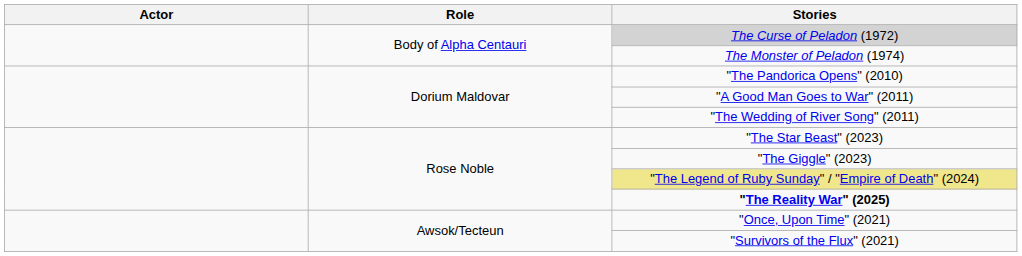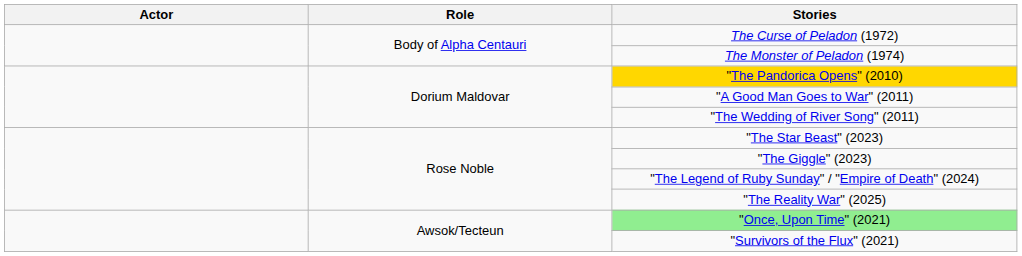 <table class="wikitable plainrowheaders sortable" style="text-align:center; width:99%;">
 <tr>
 <th style="width:30%;">Actor</th>
 <th scope="col" style="width:30%;">Role</th>
 <th scope="col" style="width:40%;">Stories</th>
 </tr>
 <tr>
 <td scope="row" rowspan="2"></td>
 <td rowspan="2">Body of <a href='#'>Alpha Centauri</a></td>
-<td data-sort-value="061" style="background: lightgrey;"><em><a href='#'>The Curse of Peladon</a></em> (1972)</td>
+<td data-sort-value="061"><em><a href='#'>The Curse of Peladon</a></em> (1972)</td>
 </tr>
 <tr>
 <td data-sort-value="073"><em><a href='#'>The Monster of Peladon</a></em> (1974)</td>
 </tr>
 <tr>
 <td scope="row" rowspan="3"></td>
 <td rowspan="3">Dorium Maldovar</td>
-<td data-sort-value="212a">"<a href='#'>The Pandorica Opens</a>" (2010)</td>
+<td data-sort-value="212a" style="background: gold;">"<a href='#'>The Pandorica Opens</a>" (2010)</td>
 </tr>
 <tr>
 <td data-sort-value="218">"<a href='#'>A Good Man Goes to War</a>" (2011)</td>
 </tr>
 <tr>
 <td data-sort-value="224">"<a href='#'>The Wedding of River Song</a>" (2011)</td>
 </tr>
 <tr>
 <td scope="row" rowspan="4"></td>
 <td rowspan="4">Rose Noble</td>
 <td data-sort-value="301">"<a href='#'>The Star Beast</a>" (2023)</td>
 </tr>
 <tr>
 <td data-sort-value="303">"<a href='#'>The Giggle</a>" (2023)</td>
 </tr>
 <tr>
-<td data-sort-value="311a" style="background: khaki;">"<a href='#'>The Legend of Ruby Sunday</a>" / "<a href='#'>Empire of Death</a>" (2024)</td>
+<td data-sort-value="311a">"<a href='#'>The Legend of Ruby Sunday</a>" / "<a href='#'>Empire of Death</a>" (2024)</td>
 </tr>
 <tr>
-<td data-sort-value="319b"><strong>"<a href='#'>The Reality War</a>" (2025)</strong></td>
+<td data-sort-value="319b">"<a href='#'>The Reality War</a>" (2025)</td>
 </tr>
 <tr>
 <td scope="row" rowspan="2"></td>
 <td rowspan="2">Awsok/Tecteun</td>
-<td data-sort-value="297c">"<a href='#'>Once, Upon Time</a>" (2021)</td>
+<td data-sort-value="297c" style="background: lightgreen;">"<a href='#'>Once, Upon Time</a>" (2021)</td>
 </tr>
 <tr>
 <td data-sort-value="297e">"<a href='#'>Survivors of the Flux</a>" (2021)</td>
 </tr>
 </table>
